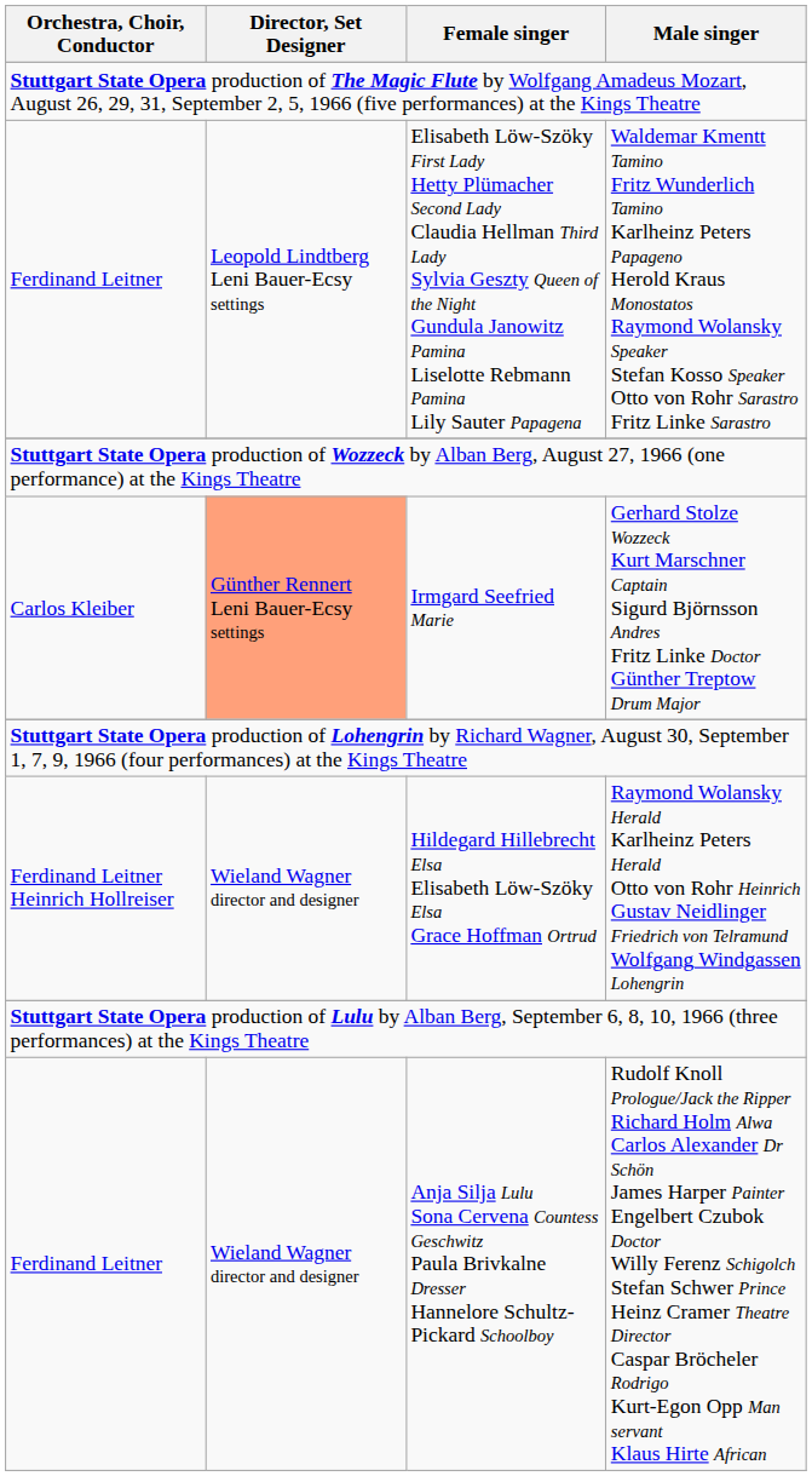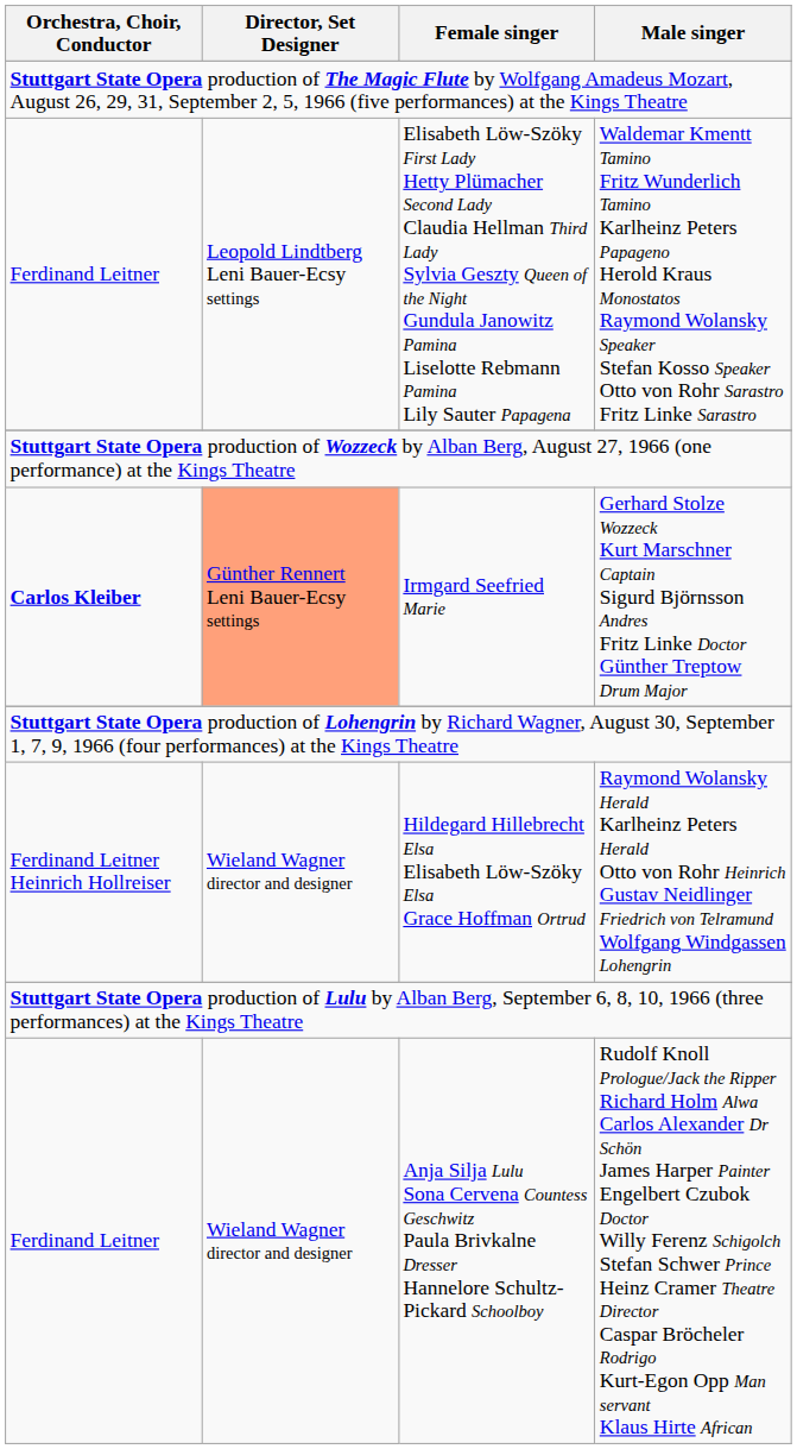 <table class="wikitable toptextcells">
 <tr class="hintergrundfarbe5">
 <th style="width:25%;">Orchestra, Choir, Conductor</th>
 <th style="width:25%;">Director, Set Designer</th>
 <th style="width:25%;">Female singer</th>
 <th style="width:25%;">Male singer</th>
 </tr>
 <tr>
 </tr>
 <tr class="hintergrundfarbe8">
 <td colspan="9"><strong><a href='#'>Stuttgart State Opera</a></strong> production of <strong><em><a href='#'>The Magic Flute</a></em></strong> by <a href='#'>Wolfgang Amadeus Mozart</a>, August 26, 29, 31, September 2, 5, 1966 (five performances) at the <a href='#'>Kings Theatre</a></td>
 </tr>
 <tr>
 <td><a href='#'>Ferdinand Leitner</a></td>
 <td><a href='#'>Leopold Lindtberg</a><br>Leni Bauer-Ecsy <small>settings</small></td>
 <td>Elisabeth Löw-Szöky <small><em>First Lady</em></small><br><a href='#'>Hetty Plümacher</a> <small><em>Second Lady</em></small><br>Claudia Hellman <small><em>Third Lady</em></small><br><a href='#'>Sylvia Geszty</a> <small><em>Queen of the Night</em></small><br><a href='#'>Gundula Janowitz</a> <small><em>Pamina</em></small><br>Liselotte Rebmann <small><em>Pamina</em></small><br>Lily Sauter <small><em>Papagena</em></small></td>
 <td><a href='#'>Waldemar Kmentt</a> <small><em>Tamino</em></small><br><a href='#'>Fritz Wunderlich</a> <small><em>Tamino</em></small><br>Karlheinz Peters <small><em>Papageno</em></small><br>Herold Kraus <small><em>Monostatos</em></small><br><a href='#'>Raymond Wolansky</a> <small><em>Speaker</em></small><br>Stefan Kosso <small><em>Speaker</em></small><br>Otto von Rohr <small><em>Sarastro</em></small><br>Fritz Linke <small><em>Sarastro</em></small></td>
 </tr>
 <tr>
 </tr>
 <tr class="hintergrundfarbe8">
 <td colspan="9"><strong><a href='#'>Stuttgart State Opera</a></strong> production of <strong><em><a href='#'>Wozzeck</a></em></strong> by <a href='#'>Alban Berg</a>, August 27, 1966 (one performance) at the <a href='#'>Kings Theatre</a></td>
 </tr>
 <tr>
-<td><a href='#'>Carlos Kleiber</a></td>
+<td><strong><a href='#'>Carlos Kleiber</a></strong></td>
 <td style="background: lightsalmon;"><a href='#'>Günther Rennert</a><br>Leni Bauer-Ecsy <small>settings</small></td>
 <td><a href='#'>Irmgard Seefried</a> <small><em>Marie</em></small></td>
 <td><a href='#'>Gerhard Stolze</a> <small><em>Wozzeck</em></small><br><a href='#'>Kurt Marschner</a> <small><em>Captain</em></small><br>Sigurd Björnsson <small><em>Andres</em></small><br>Fritz Linke <small><em>Doctor</em></small><br><a href='#'>Günther Treptow</a> <small><em>Drum Major</em></small></td>
 </tr>
 <tr>
 </tr>
 <tr class="hintergrundfarbe8">
 <td colspan="9"><strong><a href='#'>Stuttgart State Opera</a></strong> production of <strong><em><a href='#'>Lohengrin</a></em></strong> by <a href='#'>Richard Wagner</a>, August 30, September 1, 7, 9, 1966 (four performances) at the <a href='#'>Kings Theatre</a></td>
 </tr>
 <tr>
 <td><a href='#'>Ferdinand Leitner</a> <br><a href='#'>Heinrich Hollreiser</a></td>
 <td><a href='#'>Wieland Wagner</a> <small>director and designer</small></td>
 <td><a href='#'>Hildegard Hillebrecht</a> <small><em>Elsa</em></small><br>Elisabeth Löw-Szöky <small><em>Elsa</em></small><br><a href='#'>Grace Hoffman</a> <small><em>Ortrud</em></small></td>
 <td><a href='#'>Raymond Wolansky</a> <small><em>Herald</em></small><br>Karlheinz Peters <small><em>Herald</em></small><br>Otto von Rohr <small><em>Heinrich</em></small><br><a href='#'>Gustav Neidlinger</a> <small><em>Friedrich von Telramund</em></small><br><a href='#'>Wolfgang Windgassen</a> <small><em>Lohengrin</em></small></td>
 </tr>
 <tr>
 </tr>
 <tr class="hintergrundfarbe8">
 <td colspan="9"><strong><a href='#'>Stuttgart State Opera</a></strong> production of <strong><em><a href='#'>Lulu</a></em></strong> by <a href='#'>Alban Berg</a>, September 6, 8, 10, 1966 (three performances) at the <a href='#'>Kings Theatre</a></td>
 </tr>
 <tr>
 <td><a href='#'>Ferdinand Leitner</a></td>
 <td><a href='#'>Wieland Wagner</a> <small>director and designer</small></td>
 <td><a href='#'>Anja Silja</a> <small><em>Lulu</em></small><br><a href='#'>Sona Cervena</a> <small><em>Countess Geschwitz</em></small><br>Paula Brivkalne <small><em>Dresser</em></small><br>Hannelore Schultz-Pickard <small><em>Schoolboy</em></small></td>
 <td>Rudolf Knoll <small><em>Prologue/Jack the Ripper</em></small><br><a href='#'>Richard Holm</a> <small><em>Alwa</em></small><br><a href='#'>Carlos Alexander</a> <small><em>Dr Schön</em></small><br>James Harper <small><em>Painter</em></small><br>Engelbert Czubok <small><em>Doctor</em></small><br>Willy Ferenz <small><em>Schigolch</em></small><br>Stefan Schwer <small><em>Prince</em></small><br>Heinz Cramer <small><em>Theatre Director</em></small><br>Caspar Bröcheler <small><em>Rodrigo</em></small><br>Kurt-Egon Opp <small><em>Man servant</em></small><br><a href='#'>Klaus Hirte</a> <small><em>African</em></small></td>
 </tr>
 </table>
